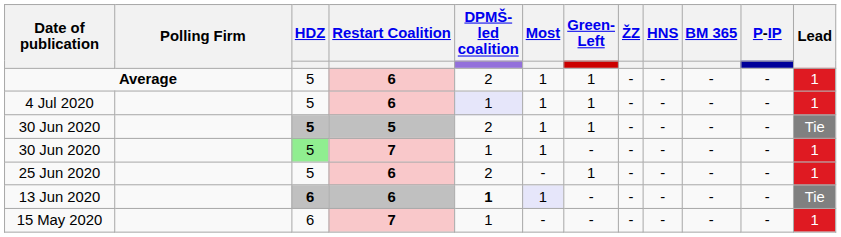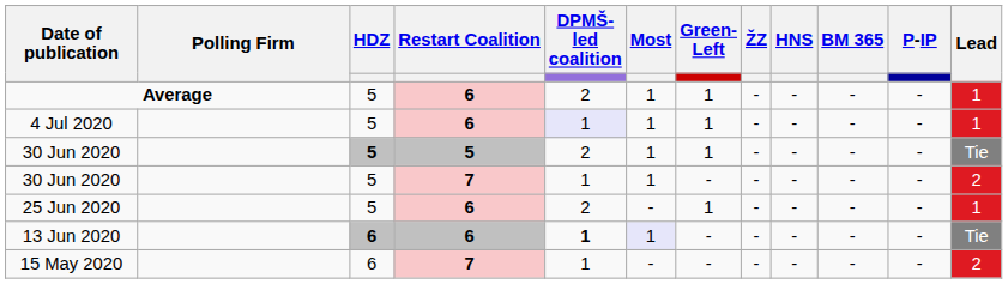 <table class="wikitable sortable" style="text-align:center; font-size:90%; line-height:16px;">
 <tr style="height:42px;">
 <th style="width:100px;" rowspan="2">Date of publication</th>
 <th style="width:165px;" rowspan="2">Polling Firm</th>
 <th class="unsortable"><a href='#'>HDZ</a></th>
 <th class="unsortable"><a href='#'>Restart Coalition</a></th>
 <th class="unsortable"><a href='#'>DPMŠ-led coalition</a></th>
 <th class="unsortable"><a href='#'>Most</a></th>
 <th class="unsortable"><a href='#'>Green-Left</a></th>
 <th class="unsortable"><a href='#'>ŽZ</a></th>
 <th class="unsortable"><a href='#'>HNS</a></th>
 <th class="unsortable"><a href='#'>BM 365</a></th>
 <th class="unsortable"><a href='#'>P</a>-<a href='#'>IP</a></th>
 <th class="unsortable" style="width:20px;" rowspan="2">Lead</th>
 </tr>
 <tr>
 <th class="unsortable" style="color:inherit;background:"></th>
 <th class="unsortable" style="color:inherit;background:"></th>
 <th class="unsortable" style="color:inherit;background:#9370db; width:45px;"></th>
 <th class="unsortable" style="color:inherit;background:"></th>
 <th class="unsortable" style="background:#cc0000" width="45px"></th>
 <th class="unsortable" style="color:inherit;background:"></th>
 <th class="unsortable" style="color:inherit;background:"></th>
 <th class="unsortable" style="color:inherit;background:"></th>
 <th class="unsortable" style="color:inherit;background:#00009a; width:45px;"></th>
 </tr>
 <tr>
 <td colspan="2"><strong>Average</strong></td>
 <td>5</td>
 <td style="background:#F9C8CA"><strong>6</strong></td>
 <td>2</td>
 <td>1</td>
 <td>1</td>
 <td>-</td>
 <td>-</td>
 <td>-</td>
 <td>-</td>
 <td style="background:#DF1A22; color:white;">1</td>
 </tr>
 <tr>
 <td>4 Jul 2020</td>
 <td></td>
 <td>5</td>
 <td style="background:#F9C8CA"><strong>6</strong></td>
 <td style="background: lavender;">1</td>
 <td>1</td>
 <td>1</td>
 <td>-</td>
 <td>-</td>
 <td>-</td>
 <td>-</td>
 <td style="background:#DF1A22; color:white;">1</td>
 </tr>
 <tr>
 <td>30 Jun 2020</td>
 <td></td>
 <td style="background:#C0C0C0"><strong>5</strong></td>
 <td style="background:#C0C0C0"><strong>5</strong></td>
 <td>2</td>
 <td>1</td>
 <td>1</td>
 <td>-</td>
 <td>-</td>
 <td>-</td>
 <td>-</td>
 <td style="background:#808080; color:white;">Tie</td>
 </tr>
 <tr>
 <td>30 Jun 2020</td>
 <td></td>
-<td style="background: lightgreen;">5</td>
+<td>5</td>
 <td style="background:#F9C8CA"><strong>7</strong></td>
 <td>1</td>
 <td>1</td>
 <td>-</td>
 <td>-</td>
 <td>-</td>
 <td>-</td>
 <td>-</td>
-<td style="background:#DF1A22; color:white;">1</td>
+<td style="background:#DF1A22; color:white;">2</td>
 </tr>
 <tr>
 <td>25 Jun 2020</td>
 <td></td>
 <td>5</td>
 <td style="background:#F9C8CA"><strong>6</strong></td>
 <td>2</td>
 <td>-</td>
 <td>1</td>
 <td>-</td>
 <td>-</td>
 <td>-</td>
 <td>-</td>
 <td style="background:#DF1A22; color:white;">1</td>
 </tr>
 <tr>
 <td>13 Jun 2020</td>
 <td></td>
 <td style="background:#C0C0C0"><strong>6</strong></td>
 <td style="background:#C0C0C0"><strong>6</strong></td>
 <td><strong>1</strong></td>
 <td style="background: lavender;">1</td>
 <td>-</td>
 <td>-</td>
 <td>-</td>
 <td>-</td>
 <td>-</td>
 <td style="background:#808080; color:white;">Tie</td>
 </tr>
 <tr>
 <td>15 May 2020</td>
 <td></td>
 <td>6</td>
 <td style="background:#F9C8CA"><strong>7</strong></td>
 <td>1</td>
 <td>-</td>
 <td>-</td>
 <td>-</td>
 <td>-</td>
 <td>-</td>
 <td>-</td>
-<td style="background:#DF1A22; color:white;">1</td>
+<td style="background:#DF1A22; color:white;">2</td>
 </tr>
 </table>
